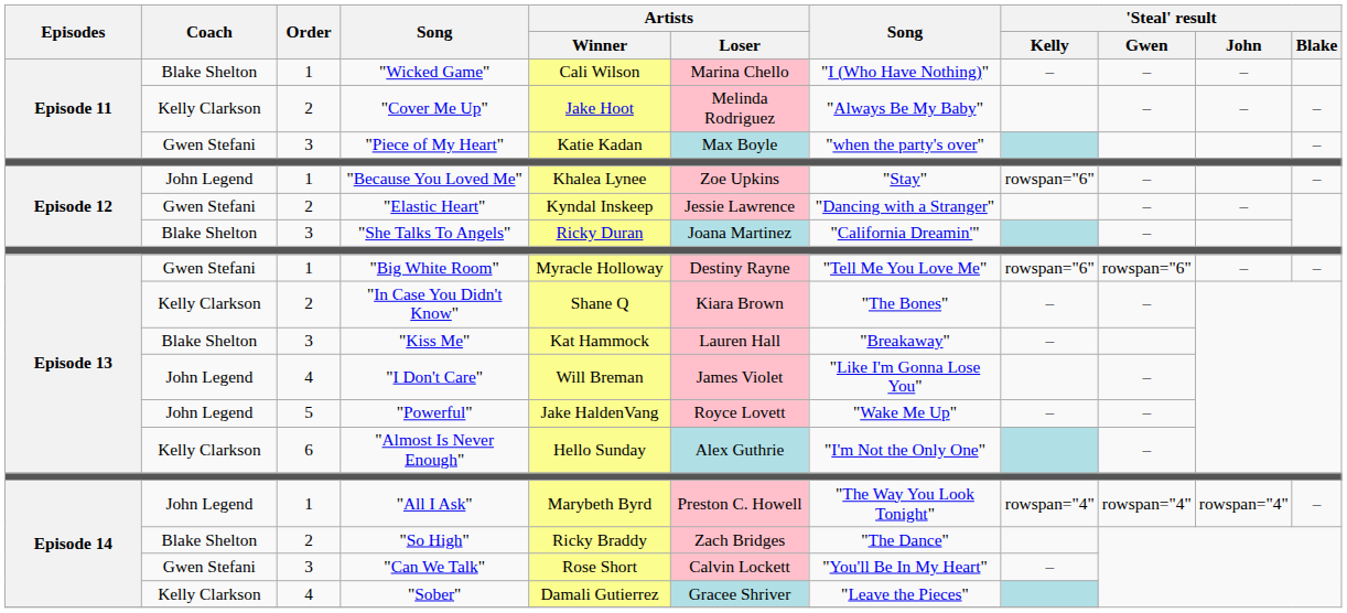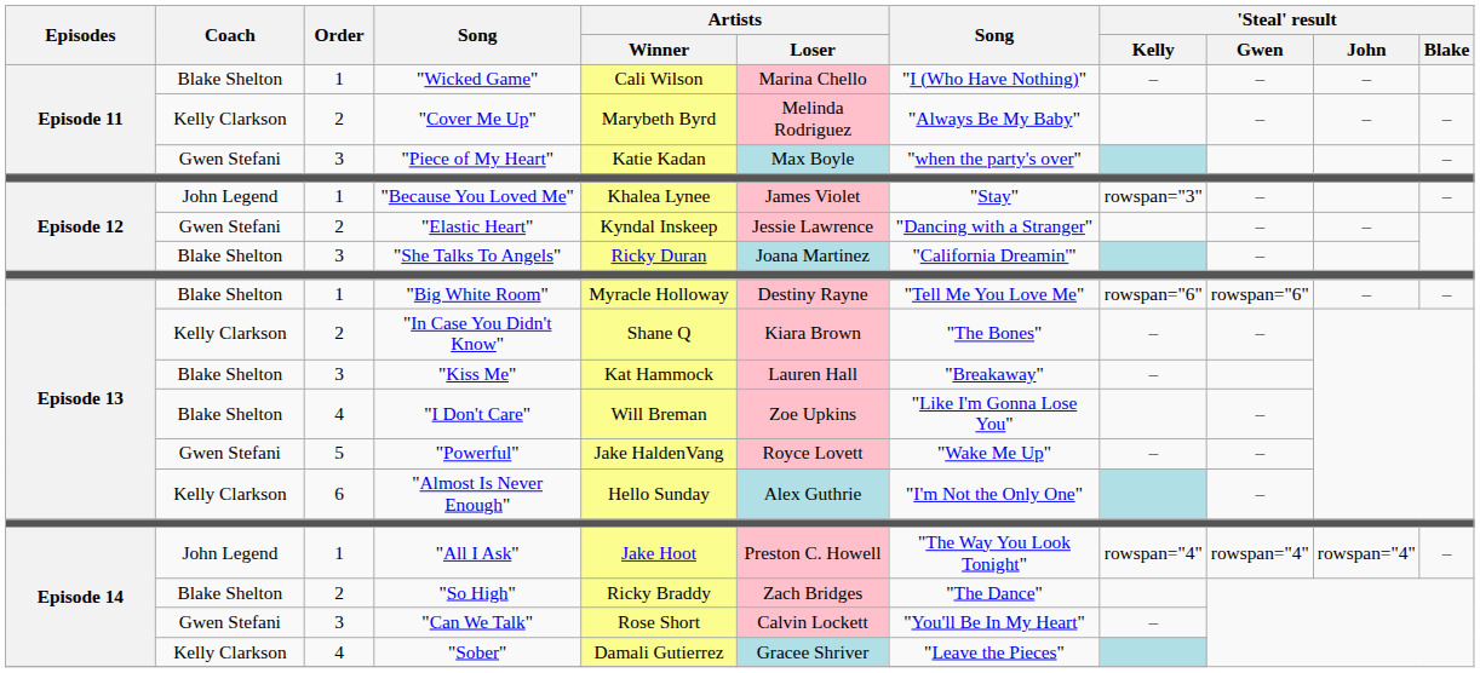 <table class="wikitable" style="text-align: center; width:100%;">
 <tr>
 <th rowspan="2" style="width:12%;">Episodes</th>
 <th rowspan="2" style="width:12%;">Coach</th>
 <th rowspan="2" style="width:05%;">Order</th>
 <th rowspan="2" style="width:17%;">Song</th>
 <th colspan="2" style="width:22%;">Artists</th>
 <th rowspan="2" style="width:17%;">Song</th>
 <th colspan="4" style="width:12%;">'Steal' result</th>
 </tr>
 <tr>
 <th style="width:12%;">Winner</th>
 <th style="width:12%;">Loser</th>
 <th style="width:03%;">Kelly</th>
 <th style="width:03%;">Gwen</th>
 <th style="width:03%;">John</th>
 <th style="width:03%;">Blake</th>
 </tr>
 <tr>
 <th rowspan="3">Episode 11 <br><small></small></th>
 <td>Blake Shelton</td>
 <td>1</td>
 <td>"<a href='#'>Wicked Game</a>"</td>
 <td style="background:#FCFD8F;">Cali Wilson</td>
 <td style="background:pink;">Marina Chello</td>
 <td>"<a href='#'>I (Who Have Nothing)</a>"</td>
 <td>–</td>
 <td>–</td>
 <td>–</td>
 <td></td>
 </tr>
 <tr>
 <td>Kelly Clarkson</td>
 <td>2</td>
 <td>"<a href='#'>Cover Me Up</a>"</td>
-<td style="background:#FCFD8F;"><a href='#'>Jake Hoot</a></td>
+<td style="background:#FCFD8F;">Marybeth Byrd</td>
 <td style="background:pink;">Melinda Rodriguez</td>
 <td>"<a href='#'>Always Be My Baby</a>"</td>
 <td></td>
 <td>–</td>
 <td>–</td>
 <td>–</td>
 </tr>
 <tr>
 <td>Gwen Stefani</td>
 <td>3</td>
 <td>"<a href='#'>Piece of My Heart</a>"</td>
 <td style="background:#FCFD8F;">Katie Kadan</td>
 <td style="background:#b0e0e6;">Max Boyle</td>
 <td>"<a href='#'>when the party's over</a>"</td>
 <td style="background:#b0e0e6"><em></em></td>
 <td><em></em></td>
 <td></td>
 <td>–</td>
 </tr>
 <tr>
 <td colspan="11" style="background:#555;"></td>
 </tr>
 <tr>
 <th rowspan="3">Episode 12 <br><small></small></th>
 <td>John Legend</td>
 <td>1</td>
 <td>"<a href='#'>Because You Loved Me</a>"</td>
 <td style="background:#FCFD8F;">Khalea Lynee</td>
-<td style="background:pink;">Zoe Upkins</td>
+<td style="background:pink;">James Violet</td>
 <td>"<a href='#'>Stay</a>"</td>
-<td>rowspan="6" </td>
+<td>rowspan="3" </td>
 <td>–</td>
 <td></td>
 <td>–</td>
 </tr>
 <tr>
 <td>Gwen Stefani</td>
 <td>2</td>
 <td>"<a href='#'>Elastic Heart</a>"</td>
 <td style="background:#FCFD8F;">Kyndal Inskeep</td>
 <td style="background:pink;">Jessie Lawrence</td>
 <td>"<a href='#'>Dancing with a Stranger</a>"</td>
 <td></td>
 <td>–</td>
 <td>–</td>
 </tr>
 <tr>
 <td>Blake Shelton</td>
 <td>3</td>
 <td>"<a href='#'>She Talks To Angels</a>"</td>
 <td style="background:#FCFD8F;"><a href='#'>Ricky Duran</a></td>
 <td style="background:#b0e0e6;">Joana Martinez</td>
 <td>"<a href='#'>California Dreamin'</a>"</td>
 <td style="background:#b0e0e6;"><em></em></td>
 <td>–</td>
 <td></td>
 </tr>
 <tr>
 <td colspan="11" style="background:#555;"></td>
 </tr>
 <tr>
 <th rowspan="6">Episode 13 <br><small></small></th>
-<td>Gwen Stefani</td>
+<td>Blake Shelton</td>
 <td>1</td>
 <td>"<a href='#'>Big White Room</a>"</td>
 <td style="background:#FCFD8F;">Myracle Holloway</td>
 <td style="background:pink;">Destiny Rayne</td>
 <td>"<a href='#'>Tell Me You Love Me</a>"</td>
 <td>rowspan="6" </td>
 <td>rowspan="6" </td>
 <td>–</td>
 <td>–</td>
 </tr>
 <tr>
 <td>Kelly Clarkson</td>
 <td>2</td>
 <td>"<a href='#'>In Case You Didn't Know</a>"</td>
 <td style="background:#FCFD8F;">Shane Q</td>
 <td style="background:pink;">Kiara Brown</td>
 <td>"<a href='#'>The Bones</a>"</td>
 <td>–</td>
 <td>–</td>
 </tr>
 <tr>
 <td>Blake Shelton</td>
 <td>3</td>
 <td>"<a href='#'>Kiss Me</a>"</td>
 <td style="background:#FCFD8F;">Kat Hammock</td>
 <td style="background:pink;">Lauren Hall</td>
 <td>"<a href='#'>Breakaway</a>"</td>
 <td>–</td>
 <td></td>
 </tr>
 <tr>
-<td>John Legend</td>
+<td>Blake Shelton</td>
 <td>4</td>
 <td>"<a href='#'>I Don't Care</a>"</td>
 <td style="background:#FCFD8F;">Will Breman</td>
-<td style="background:pink;">James Violet</td>
+<td style="background:pink;">Zoe Upkins</td>
 <td>"<a href='#'>Like I'm Gonna Lose You</a>"</td>
 <td></td>
 <td>–</td>
 </tr>
 <tr>
-<td>John Legend</td>
+<td>Gwen Stefani</td>
 <td>5</td>
 <td>"<a href='#'>Powerful</a>"</td>
 <td style="background:#FCFD8F;">Jake HaldenVang</td>
 <td style="background:pink;">Royce Lovett</td>
 <td>"<a href='#'>Wake Me Up</a>"</td>
 <td>–</td>
 <td>–</td>
 </tr>
 <tr>
 <td>Kelly Clarkson</td>
 <td>6</td>
 <td>"<a href='#'>Almost Is Never Enough</a>"</td>
 <td style="background:#FCFD8F;">Hello Sunday</td>
 <td style="background:#b0e0e6;">Alex Guthrie</td>
 <td>"<a href='#'>I'm Not the Only One</a>"</td>
 <td style="background:#b0e0e6;"><em></em></td>
 <td>–</td>
 </tr>
 <tr>
 <td colspan="11" style="background:#555;"></td>
 </tr>
 <tr>
 <th rowspan="4">Episode 14 <br><small></small></th>
 <td>John Legend</td>
 <td>1</td>
 <td>"<a href='#'>All I Ask</a>"</td>
-<td style="background:#FCFD8F;">Marybeth Byrd</td>
+<td style="background:#FCFD8F;"><a href='#'>Jake Hoot</a></td>
 <td style="background:pink;">Preston C. Howell</td>
 <td>"<a href='#'>The Way You Look Tonight</a>"</td>
 <td>rowspan="4" </td>
 <td>rowspan="4" </td>
 <td>rowspan="4" </td>
 <td>–</td>
 </tr>
 <tr>
 <td>Blake Shelton</td>
 <td>2</td>
 <td>"<a href='#'>So High</a>"</td>
 <td style="background:#FCFD8F;">Ricky Braddy</td>
 <td style="background:pink;">Zach Bridges</td>
 <td>"<a href='#'>The Dance</a>"</td>
 <td></td>
 </tr>
 <tr>
 <td>Gwen Stefani</td>
 <td>3</td>
 <td>"<a href='#'>Can We Talk</a>"</td>
 <td style="background:#FCFD8F;">Rose Short</td>
 <td style="background:pink;">Calvin Lockett</td>
 <td>"<a href='#'>You'll Be In My Heart</a>"</td>
 <td>–</td>
 </tr>
 <tr>
 <td>Kelly Clarkson</td>
 <td>4</td>
 <td>"<a href='#'>Sober</a>"</td>
 <td style="background:#FCFD8F;">Damali Gutierrez</td>
 <td style="background:#b0e0e6;">Gracee Shriver</td>
 <td>"<a href='#'>Leave the Pieces</a>"</td>
 <td style="background:#b0e0e6;"><em></em></td>
 </tr>
 <tr>
 </tr>
 </table>
